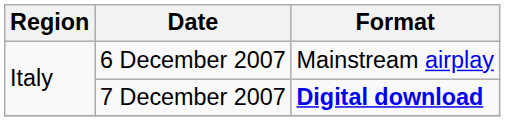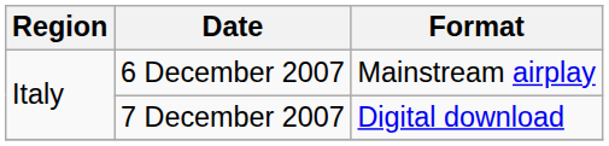 <table class="wikitable">
 <tr>
 <th>Region</th>
 <th>Date</th>
 <th>Format</th>
 </tr>
 <tr>
 <td rowspan="2">Italy</td>
 <td>6 December 2007</td>
 <td>Mainstream <a href='#'>airplay</a></td>
 </tr>
 <tr>
 <td>7 December 2007</td>
-<td><strong><a href='#'>Digital download</a></strong></td>
+<td><a href='#'>Digital download</a></td>
 </tr>
 <tr>
 </tr>
 </table>
